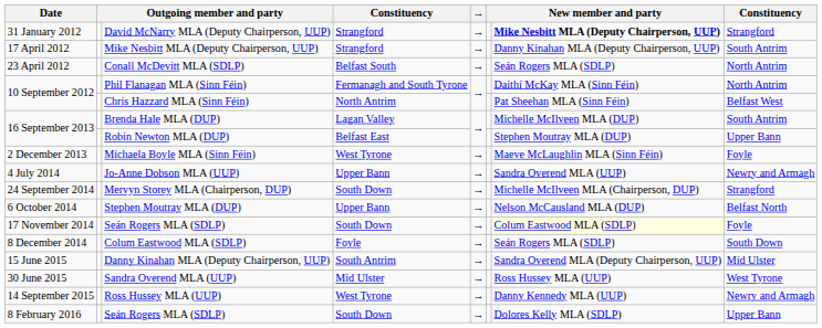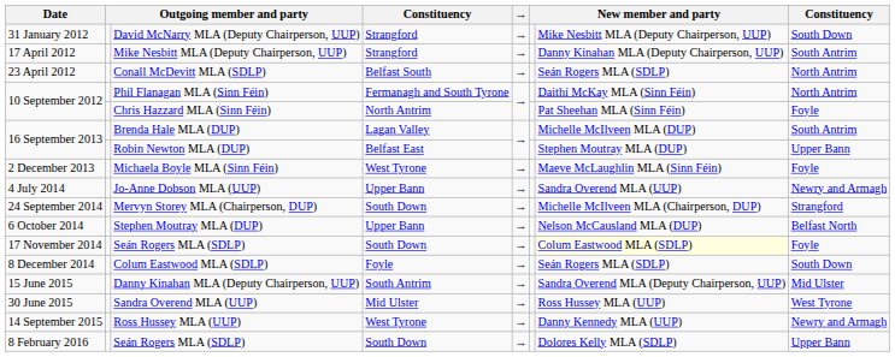 <table class="wikitable">
 <tr>
 <th valign="top">Date</th>
 <th colspan="2" valign="top">Outgoing member and party</th>
 <th valign="top">Constituency</th>
 <th>→</th>
 <th colspan="2" valign="top">New member and party</th>
 <th valign="top">Constituency</th>
 </tr>
 <tr>
 <td>31 January 2012</td>
 <td></td>
 <td><a href='#'>David McNarry</a> MLA (Deputy Chairperson, <a href='#'>UUP</a>)</td>
 <td><a href='#'>Strangford</a></td>
 <td>→</td>
 <td></td>
-<td><strong><a href='#'>Mike Nesbitt</a> MLA (Deputy Chairperson, <a href='#'>UUP</a>)</strong></td>
-<td><a href='#'>Strangford</a></td>
+<td><a href='#'>Mike Nesbitt</a> MLA (Deputy Chairperson, <a href='#'>UUP</a>)</td>
+<td><a href='#'>South Down</a></td>
 </tr>
 <tr>
 <td>17 April 2012</td>
 <td></td>
 <td><a href='#'>Mike Nesbitt</a> MLA (Deputy Chairperson, <a href='#'>UUP</a>)</td>
 <td><a href='#'>Strangford</a></td>
 <td>→</td>
 <td></td>
 <td><a href='#'>Danny Kinahan</a> MLA (Deputy Chairperson, <a href='#'>UUP</a>)</td>
 <td><a href='#'>South Antrim</a></td>
 </tr>
 <tr>
 <td>23 April 2012</td>
 <td></td>
 <td><a href='#'>Conall McDevitt</a> MLA (<a href='#'>SDLP</a>)</td>
 <td><a href='#'>Belfast South</a></td>
 <td>→</td>
 <td></td>
 <td><a href='#'>Seán Rogers</a> MLA (<a href='#'>SDLP</a>)</td>
 <td><a href='#'>North Antrim</a></td>
 </tr>
 <tr>
 <td rowspan=2>10 September 2012</td>
 <td></td>
 <td><a href='#'>Phil Flanagan</a> MLA (<a href='#'>Sinn Féin</a>)</td>
 <td><a href='#'>Fermanagh and South Tyrone</a></td>
 <td rowspan=2>→</td>
 <td></td>
 <td><a href='#'>Daithí McKay</a> MLA (<a href='#'>Sinn Féin</a>)</td>
 <td><a href='#'>North Antrim</a></td>
 </tr>
 <tr>
 <td></td>
 <td><a href='#'>Chris Hazzard</a> MLA (<a href='#'>Sinn Féin</a>)</td>
 <td><a href='#'>North Antrim</a></td>
 <td></td>
 <td><a href='#'>Pat Sheehan</a> MLA (<a href='#'>Sinn Féin</a>)</td>
-<td><a href='#'>Belfast West</a></td>
+<td><a href='#'>Foyle</a></td>
 </tr>
 <tr>
 <td rowspan=2>16 September 2013</td>
 <td></td>
 <td><a href='#'>Brenda Hale</a> MLA (<a href='#'>DUP</a>)</td>
 <td><a href='#'>Lagan Valley</a></td>
 <td rowspan=2>→</td>
 <td></td>
 <td><a href='#'>Michelle McIlveen</a> MLA (<a href='#'>DUP</a>)</td>
 <td><a href='#'>South Antrim</a></td>
 </tr>
 <tr>
 <td></td>
 <td><a href='#'>Robin Newton</a> MLA (<a href='#'>DUP</a>)</td>
 <td><a href='#'>Belfast East</a></td>
 <td></td>
 <td><a href='#'>Stephen Moutray</a> MLA (<a href='#'>DUP</a>)</td>
 <td><a href='#'>Upper Bann</a></td>
 </tr>
 <tr>
 <td>2 December 2013</td>
 <td></td>
 <td><a href='#'>Michaela Boyle</a> MLA (<a href='#'>Sinn Féin</a>)</td>
 <td><a href='#'>West Tyrone</a></td>
 <td>→</td>
 <td></td>
 <td><a href='#'>Maeve McLaughlin</a> MLA (<a href='#'>Sinn Féin</a>)</td>
 <td><a href='#'>Foyle</a></td>
 </tr>
 <tr>
 <td>4 July 2014</td>
 <td></td>
 <td><a href='#'>Jo-Anne Dobson</a> MLA (<a href='#'>UUP</a>)</td>
 <td><a href='#'>Upper Bann</a></td>
 <td>→</td>
 <td></td>
 <td><a href='#'>Sandra Overend</a> MLA (<a href='#'>UUP</a>)</td>
 <td><a href='#'>Newry and Armagh</a></td>
 </tr>
 <tr>
 <td>24 September 2014</td>
 <td></td>
 <td><a href='#'>Mervyn Storey</a> MLA (Chairperson, <a href='#'>DUP</a>)</td>
 <td><a href='#'>South Down</a></td>
 <td>→</td>
 <td></td>
 <td><a href='#'>Michelle McIlveen</a> MLA (Chairperson, <a href='#'>DUP</a>)</td>
 <td><a href='#'>Strangford</a></td>
 </tr>
 <tr>
 <td>6 October 2014</td>
 <td></td>
 <td><a href='#'>Stephen Moutray</a> MLA (<a href='#'>DUP</a>)</td>
 <td><a href='#'>Upper Bann</a></td>
 <td>→</td>
 <td></td>
 <td><a href='#'>Nelson McCausland</a> MLA (<a href='#'>DUP</a>)</td>
 <td><a href='#'>Belfast North</a></td>
 </tr>
 <tr>
 <td>17 November 2014</td>
 <td></td>
 <td><a href='#'>Seán Rogers</a> MLA (<a href='#'>SDLP</a>)</td>
 <td><a href='#'>South Down</a></td>
 <td>→</td>
 <td></td>
 <td style="background: lightyellow;"><a href='#'>Colum Eastwood</a> MLA (<a href='#'>SDLP</a>)</td>
 <td><a href='#'>Foyle</a></td>
 </tr>
 <tr>
 <td>8 December 2014</td>
 <td></td>
 <td><a href='#'>Colum Eastwood</a> MLA (<a href='#'>SDLP</a>)</td>
 <td><a href='#'>Foyle</a></td>
 <td>→</td>
 <td></td>
 <td><a href='#'>Seán Rogers</a> MLA (<a href='#'>SDLP</a>)</td>
 <td><a href='#'>South Down</a></td>
 </tr>
 <tr>
 <td>15 June 2015</td>
 <td></td>
 <td><a href='#'>Danny Kinahan</a> MLA (Deputy Chairperson, <a href='#'>UUP</a>)</td>
 <td><a href='#'>South Antrim</a></td>
 <td>→</td>
 <td></td>
 <td><a href='#'>Sandra Overend</a> MLA (Deputy Chairperson, <a href='#'>UUP</a>)</td>
 <td><a href='#'>Mid Ulster</a></td>
 </tr>
 <tr>
 <td>30 June 2015</td>
 <td></td>
 <td><a href='#'>Sandra Overend</a> MLA (<a href='#'>UUP</a>)</td>
 <td><a href='#'>Mid Ulster</a></td>
 <td>→</td>
 <td></td>
 <td><a href='#'>Ross Hussey</a> MLA (<a href='#'>UUP</a>)</td>
 <td><a href='#'>West Tyrone</a></td>
 </tr>
 <tr>
 <td>14 September 2015</td>
 <td></td>
 <td><a href='#'>Ross Hussey</a> MLA (<a href='#'>UUP</a>)</td>
 <td><a href='#'>West Tyrone</a></td>
 <td>→</td>
 <td></td>
 <td><a href='#'>Danny Kennedy</a> MLA (<a href='#'>UUP</a>)</td>
 <td><a href='#'>Newry and Armagh</a></td>
 </tr>
 <tr>
 <td>8 February 2016</td>
 <td></td>
 <td><a href='#'>Seán Rogers</a> MLA (<a href='#'>SDLP</a>)</td>
 <td><a href='#'>South Down</a></td>
 <td>→</td>
 <td></td>
 <td><a href='#'>Dolores Kelly</a> MLA (<a href='#'>SDLP</a>)</td>
 <td><a href='#'>Upper Bann</a></td>
 </tr>
 </table>
